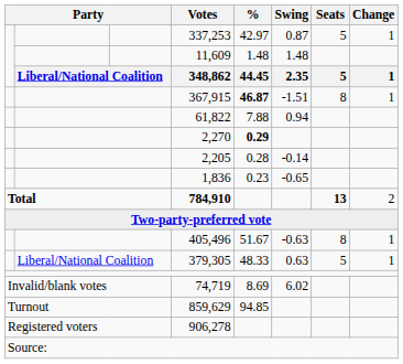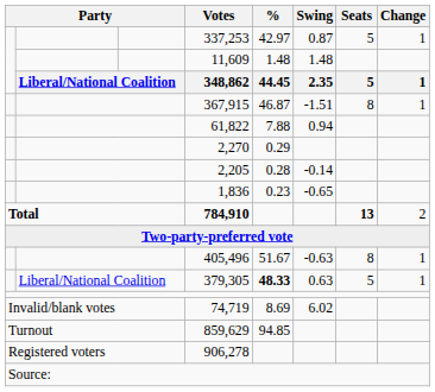 <table class="wikitable">
 <tr>
 <th colspan="3" style="width:200px"><strong>Party</strong></th>
 <th style="width:70px; text-align:center;"><strong>Votes</strong></th>
 <th style="width:40px; text-align:center;"><strong>%</strong></th>
 <th style="width:40px; text-align:center;"><strong>Swing</strong></th>
 <th style="width:40px; text-align:center;"><strong>Seats</strong></th>
 <th style="width:40px; text-align:center;"><strong>Change</strong></th>
 </tr>
 <tr>
 <td rowspan="3"> </td>
 <td> </td>
 <td></td>
 <td align=right>337,253</td>
 <td align=right>42.97</td>
 <td align=right>0.87</td>
 <td align=right>5</td>
 <td align=right> 1</td>
 </tr>
 <tr>
 <td> </td>
 <td></td>
 <td align=right>11,609</td>
 <td align=right>1.48</td>
 <td align=right>1.48</td>
 <td align=right></td>
 <td align=right></td>
 </tr>
 <tr>
 <th colspan="2" style="text-align:left;"><a href='#'>Liberal/National Coalition</a></th>
 <th style="text-align:right;">348,862</th>
 <th style="text-align:right;">44.45</th>
 <th style="text-align:right;">2.35</th>
 <th style="text-align:right;">5</th>
 <th style="text-align:right;"> 1</th>
 </tr>
 <tr>
 <td> </td>
 <td colspan=2></td>
 <td align=right>367,915</td>
-<td align=right><strong>46.87</strong></td>
+<td align=right>46.87</td>
 <td align=right>-1.51</td>
 <td align=right>8</td>
 <td align=right> 1</td>
 </tr>
 <tr>
 <td> </td>
 <td colspan=2></td>
 <td align=right>61,822</td>
 <td align=right>7.88</td>
 <td align=right>0.94</td>
 <td align=right></td>
 <td align=right></td>
 </tr>
 <tr>
 <td> </td>
 <td colspan=2></td>
 <td align=right>2,270</td>
-<td align=right><strong>0.29</strong></td>
+<td align=right>0.29</td>
 <td align=right></td>
 <td align=right></td>
 <td align=right></td>
 </tr>
 <tr>
 <td> </td>
 <td colspan=2></td>
 <td align=right>2,205</td>
 <td align=right>0.28</td>
 <td align=right>-0.14</td>
 <td align=right></td>
 <td align=right></td>
 </tr>
 <tr>
 <td> </td>
 <td colspan=2></td>
 <td align=right>1,836</td>
 <td align=right>0.23</td>
 <td align=right>-0.65</td>
 <td align=right></td>
 <td align=right></td>
 </tr>
 <tr>
 <td colspan="3" align="left"><strong>Total</strong></td>
 <td align=right><strong>784,910</strong></td>
 <td align=right></td>
 <td align=right></td>
 <td align=right><strong>13</strong></td>
 <td align=right> 2</td>
 </tr>
 <tr>
 <td colspan="8" style="text-align:center; background:#eee;"><strong><a href='#'>Two-party-preferred vote</a></strong></td>
 </tr>
 <tr>
 <td> </td>
 <td colspan=2></td>
 <td align=right>405,496</td>
 <td align=right>51.67</td>
 <td align=right>-0.63</td>
 <td align=right>8</td>
 <td align=right> 1</td>
 </tr>
 <tr>
 <td> </td>
 <td colspan=2><a href='#'>Liberal/National Coalition</a></td>
 <td align=right>379,305</td>
-<td align=right>48.33</td>
+<td align=right><strong>48.33</strong></td>
 <td align=right>0.63</td>
 <td align=right>5</td>
 <td align=right> 1</td>
 </tr>
 <tr>
 <td colspan="8"></td>
 </tr>
 <tr>
 <td colspan="3" style="text-align:left;">Invalid/blank votes</td>
 <td align=right>74,719</td>
 <td align=right>8.69</td>
 <td align=right>6.02</td>
 <td></td>
 <td></td>
 </tr>
 <tr>
 <td colspan="3" style="text-align:left;">Turnout</td>
 <td align=right>859,629</td>
 <td align=right>94.85</td>
 <td></td>
 <td></td>
 <td></td>
 </tr>
 <tr>
 <td colspan="3" style="text-align:left;">Registered voters</td>
 <td align=right>906,278</td>
 <td></td>
 <td></td>
 <td></td>
 <td></td>
 </tr>
 <tr>
 <td colspan="8" align="left">Source: </td>
 </tr>
 </table>
